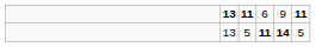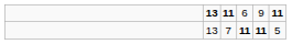 <table class="wikitable">
 <tr>
 <td style="width:18em"><strong></strong></td>
 <td align=center style="width:1em"><strong>13</strong></td>
 <td align=center style="width:1em"><strong>11</strong></td>
 <td align=center style="width:1em">6</td>
 <td align=center style="width:1em">9</td>
 <td align=center style="width:1em"><strong>11</strong></td>
 </tr>
 <tr>
 <td style="width:18em"></td>
 <td align=center style="width:1em">13</td>
-<td align=center style="width:1em">5</td>
+<td align=center style="width:1em">7</td>
 <td align=center style="width:1em"><strong>11</strong></td>
-<td align=center style="width:1em"><strong>14</strong></td>
+<td align=center style="width:1em"><strong>11</strong></td>
 <td align=center style="width:1em">5</td>
 </tr>
 </table>
